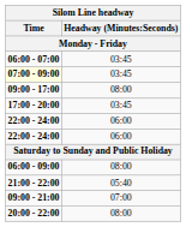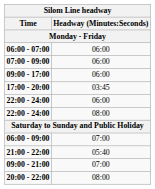 <table class="wikitable" style="margin:auto;font-align:center;text-align:center;font-size:80%;">
 <tr>
 <th colspan="2" style="background:#"><strong>Silom Line headway</strong></th>
 </tr>
 <tr>
 <th style="background:#">Time</th>
 <th style="background:#">Headway (Minutes:Seconds)</th>
 </tr>
 <tr>
 <th colspan="2">Monday - Friday</th>
 </tr>
 <tr>
 <td><strong>06:00 - 07:00</strong></td>
-<td>03:45</td>
+<td>06:00</td>
 </tr>
 <tr>
-<td style="background: lightyellow;"><strong>07:00 - 09:00</strong></td>
-<td>03:45</td>
+<td><strong>07:00 - 09:00</strong></td>
+<td>06:00</td>
 </tr>
 <tr>
 <td><strong>09:00 - 17:00</strong></td>
-<td>08:00</td>
+<td>06:00</td>
 </tr>
 <tr>
 <td><strong>17:00 - 20:00</strong></td>
 <td>03:45</td>
 </tr>
 <tr>
 <td><strong>22:00 - 24:00</strong></td>
 <td>06:00</td>
 </tr>
 <tr>
 <td><strong>22:00 - 24:00</strong></td>
-<td>06:00</td>
+<td>08:00</td>
 </tr>
 <tr>
 <th colspan="2">Saturday to Sunday and Public Holiday</th>
 </tr>
 <tr>
 <td><strong>06:00 - 09:00</strong></td>
-<td>08:00</td>
+<td>07:00</td>
 </tr>
 <tr>
 <td><strong>21:00 - 22:00</strong></td>
 <td>05:40</td>
 </tr>
 <tr>
 <td><strong>09:00 - 21:00</strong></td>
 <td>07:00</td>
 </tr>
 <tr>
 <td><strong>20:00 - 22:00</strong></td>
 <td>08:00</td>
 </tr>
 </table>
